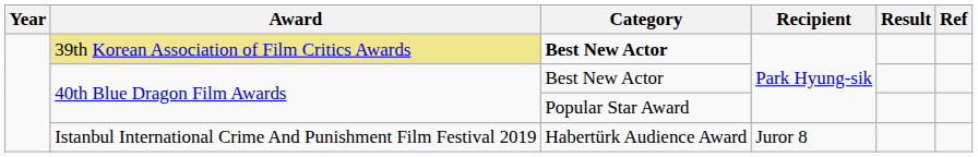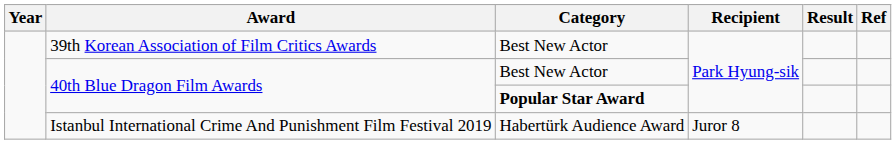 <table class="wikitable">
 <tr>
 <th>Year</th>
 <th>Award</th>
 <th>Category</th>
 <th>Recipient</th>
 <th>Result</th>
 <th>Ref</th>
 </tr>
 <tr>
 <td rowspan="4"></td>
-<td style="background: khaki;">39th <a href='#'>Korean Association of Film Critics Awards</a></td>
-<td><strong>Best New Actor</strong></td>
+<td>39th <a href='#'>Korean Association of Film Critics Awards</a></td>
+<td>Best New Actor</td>
 <td rowspan="3"><a href='#'>Park Hyung-sik</a></td>
 <td></td>
 <td></td>
 </tr>
 <tr>
 <td rowspan="2"><a href='#'>40th Blue Dragon Film Awards</a></td>
 <td>Best New Actor</td>
 <td></td>
 <td></td>
 </tr>
 <tr>
-<td>Popular Star Award</td>
+<td><strong>Popular Star Award</strong></td>
 <td></td>
 <td></td>
 </tr>
 <tr>
 <td>Istanbul International Crime And Punishment Film Festival 2019</td>
 <td>Habertürk Audience Award</td>
 <td>Juror 8</td>
 <td></td>
 <td></td>
 </tr>
 </table>
